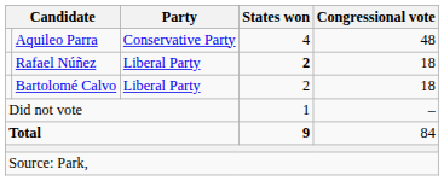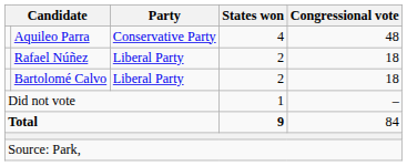 <table class="wikitable sortable">
 <tr>
 <th colspan=2>Candidate</th>
 <th>Party</th>
 <th>States won</th>
 <th>Congressional vote</th>
 </tr>
 <tr>
 <td bgcolor=></td>
 <td align=left><a href='#'>Aquileo Parra</a></td>
 <td align=left><a href='#'>Conservative Party</a></td>
 <td align=right>4</td>
 <td align=right>48</td>
 </tr>
 <tr>
 <td bgcolor=></td>
 <td align=left><a href='#'>Rafael Núñez</a></td>
 <td align=left><a href='#'>Liberal Party</a></td>
-<td align=right><strong>2</strong></td>
+<td align=right>2</td>
 <td align=right>18</td>
 </tr>
 <tr>
 <td bgcolor=></td>
 <td align=left><a href='#'>Bartolomé Calvo</a></td>
 <td align=left><a href='#'>Liberal Party</a></td>
 <td align=right>2</td>
 <td align=right>18</td>
 </tr>
 <tr>
 <td align=left colspan=3>Did not vote</td>
 <td align=right>1</td>
 <td align=right>–</td>
 </tr>
 <tr class=sortbottom>
 <td align=left colspan=3><strong>Total</strong></td>
 <td align=right><strong>9</strong></td>
 <td align=right>84</td>
 </tr>
 <tr class=sortbottom>
 <th colspan=5></th>
 </tr>
 <tr class=sortbottom>
 <td align=left colspan=5>Source: Park, </td>
 </tr>
 </table>
